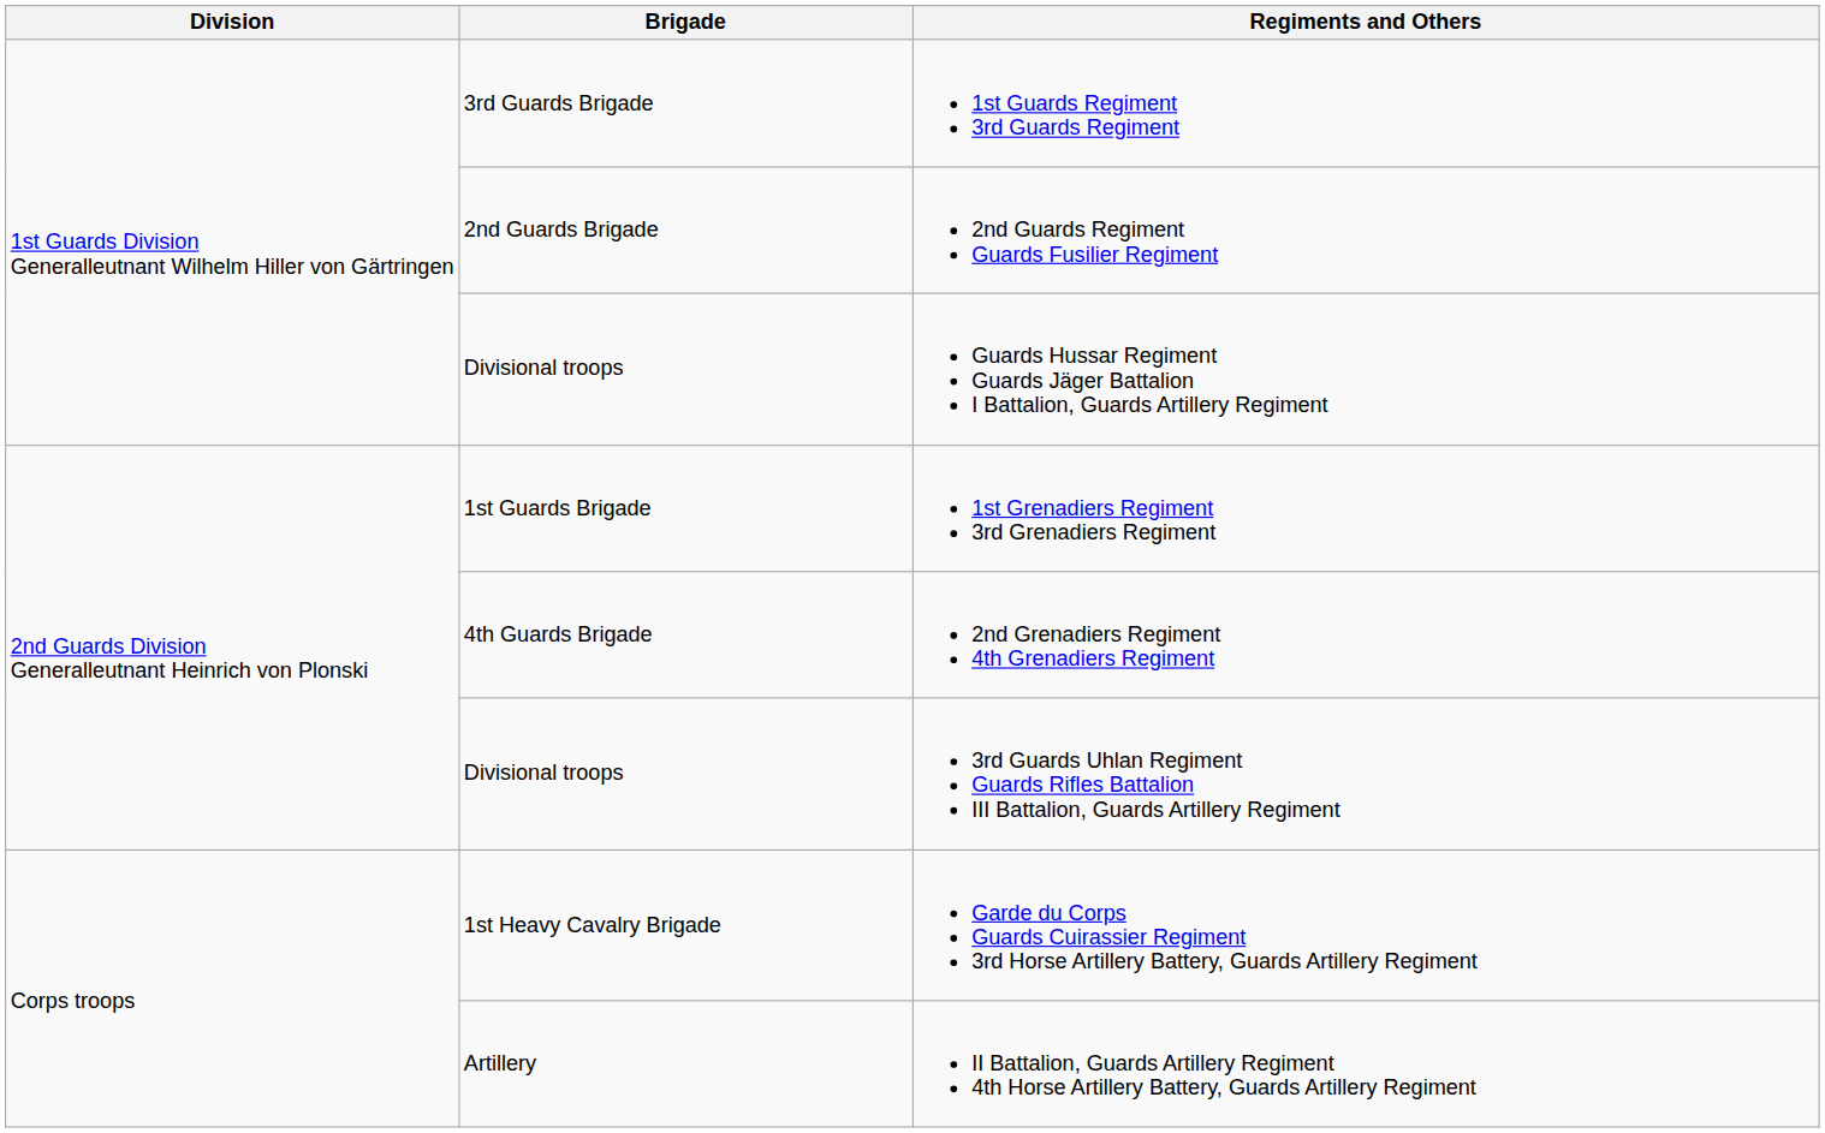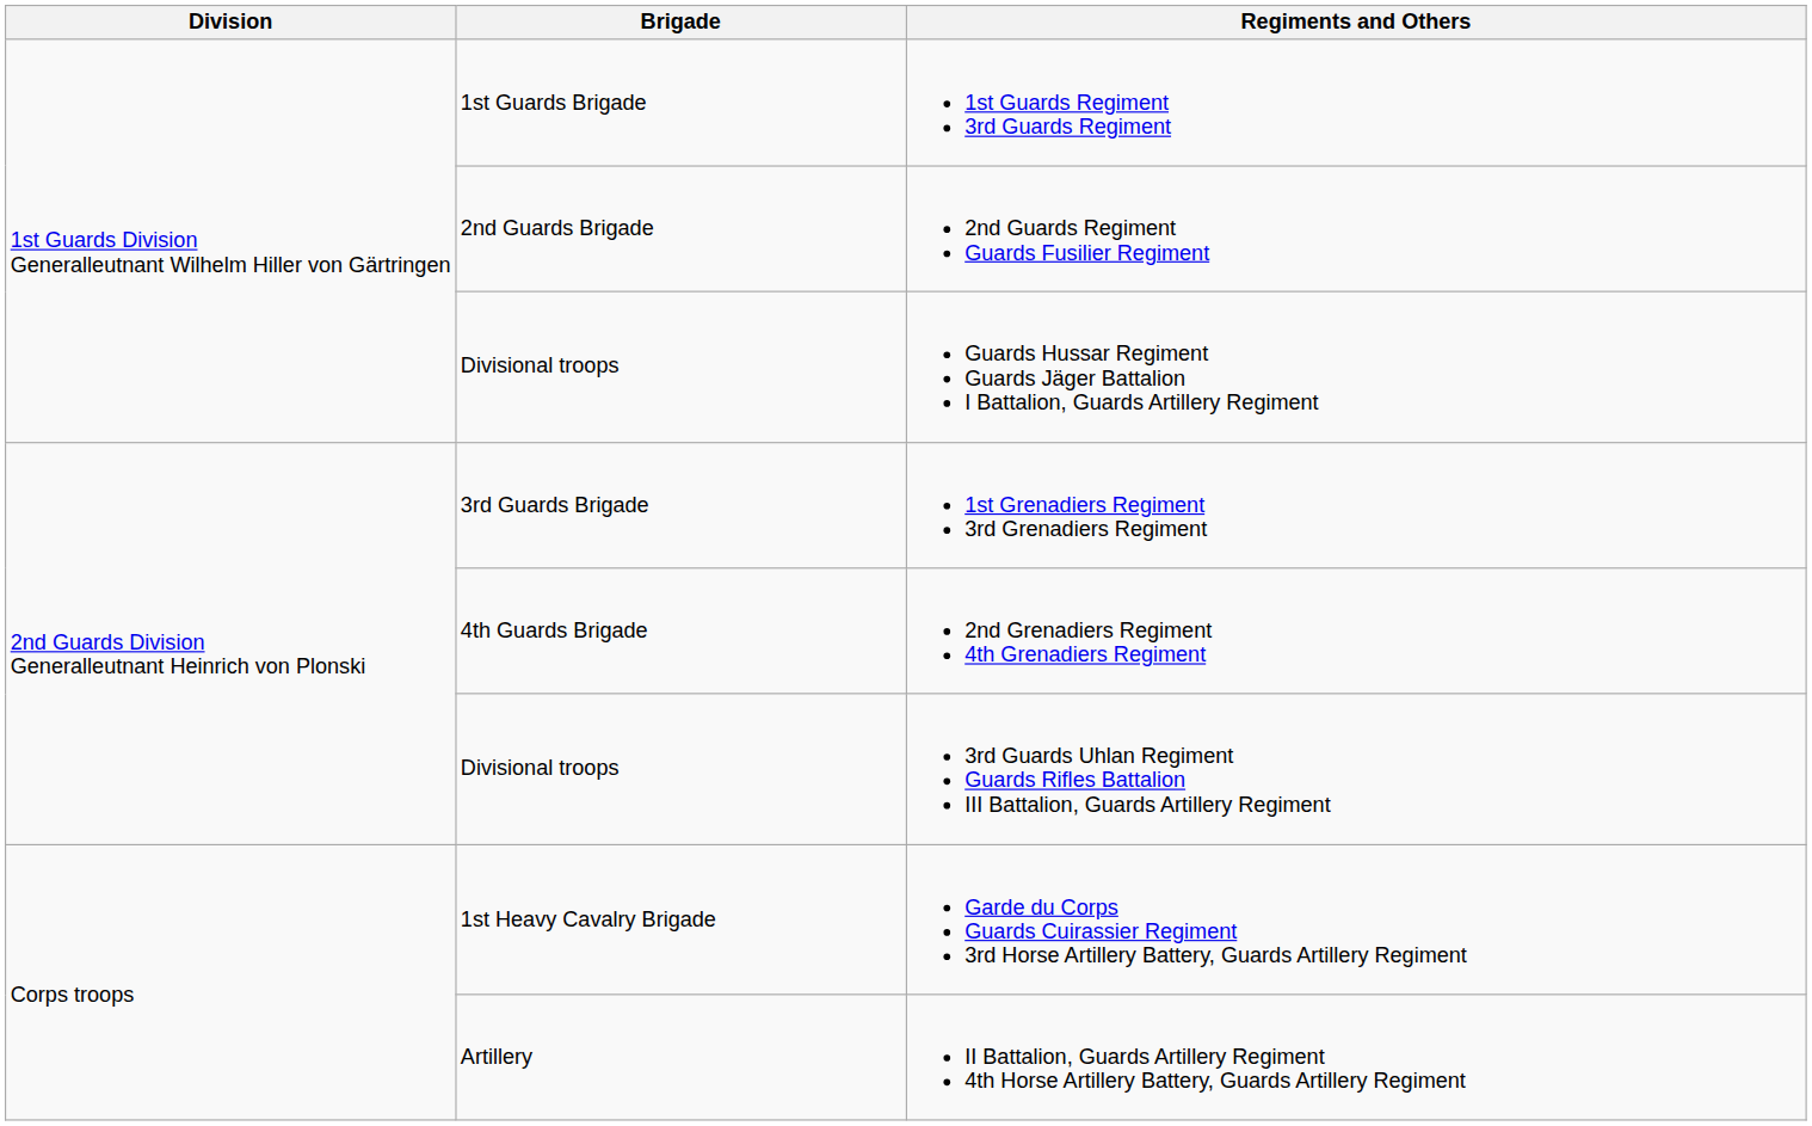 <table class="wikitable">
 <tr>
 <th style="width:25%;">Division</th>
 <th style="width:25%;">Brigade</th>
 <th>Regiments and Others</th>
 </tr>
 <tr>
 <td rowspan=3><br><a href='#'>1st Guards Division</a> <br> Generalleutnant Wilhelm Hiller von Gärtringen</td>
-<td>3rd Guards Brigade</td>
+<td>1st Guards Brigade</td>
 <td><br><ul><li><a href='#'>1st Guards Regiment</a></li><li><a href='#'>3rd Guards Regiment</a></li></ul></td>
 </tr>
 <tr>
 <td>2nd Guards Brigade</td>
 <td><br><ul><li>2nd Guards Regiment</li><li><a href='#'>Guards Fusilier Regiment</a></li></ul></td>
 </tr>
 <tr>
 <td>Divisional troops</td>
 <td><br><ul><li>Guards Hussar Regiment</li><li>Guards Jäger Battalion</li><li>I Battalion, Guards Artillery Regiment</li></ul></td>
 </tr>
 <tr>
 <td rowspan=3><br><a href='#'>2nd Guards Division</a> <br> Generalleutnant Heinrich von Plonski</td>
-<td>1st Guards Brigade</td>
+<td>3rd Guards Brigade</td>
 <td><br><ul><li><a href='#'>1st Grenadiers Regiment</a></li><li>3rd Grenadiers Regiment</li></ul></td>
 </tr>
 <tr>
 <td>4th Guards Brigade</td>
 <td><br><ul><li>2nd Grenadiers Regiment</li><li><a href='#'>4th Grenadiers Regiment</a></li></ul></td>
 </tr>
 <tr>
 <td>Divisional troops</td>
 <td><br><ul><li>3rd Guards Uhlan Regiment</li><li><a href='#'>Guards Rifles Battalion</a></li><li>III Battalion, Guards Artillery Regiment</li></ul></td>
 </tr>
 <tr>
 <td rowspan=2><br>Corps troops</td>
 <td>1st Heavy Cavalry Brigade</td>
 <td><br><ul><li><a href='#'>Garde du Corps</a></li><li><a href='#'>Guards Cuirassier Regiment</a></li><li>3rd Horse Artillery Battery, Guards Artillery Regiment</li></ul></td>
 </tr>
 <tr>
 <td>Artillery</td>
 <td><br><ul><li>II Battalion, Guards Artillery Regiment</li><li>4th Horse Artillery Battery, Guards Artillery Regiment</li></ul></td>
 </tr>
 </table>
